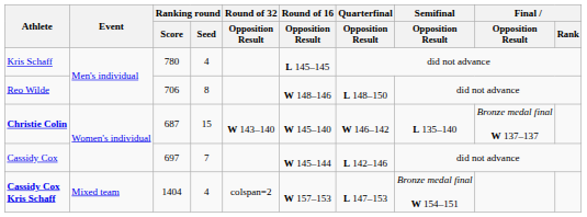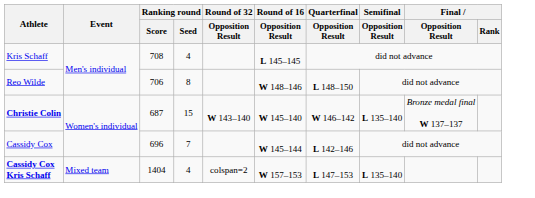 <table class=wikitable style=font-size:90%;text-align:center>
 <tr>
 <th rowspan=2>Athlete</th>
 <th rowspan=2>Event</th>
 <th colspan=2>Ranking round</th>
 <th>Round of 32</th>
 <th>Round of 16</th>
 <th>Quarterfinal</th>
 <th>Semifinal</th>
 <th colspan=2>Final / </th>
 </tr>
 <tr style=font-size:95%>
 <th>Score</th>
 <th>Seed</th>
 <th>Opposition<br>Result</th>
 <th>Opposition<br>Result</th>
 <th>Opposition<br>Result</th>
 <th>Opposition<br>Result</th>
 <th>Opposition<br>Result</th>
 <th>Rank</th>
 </tr>
 <tr>
 <td align=left><a href='#'>Kris Schaff</a></td>
 <td align=left rowspan=2><a href='#'>Men's individual</a></td>
-<td>780</td>
+<td>708</td>
 <td>4</td>
 <td></td>
 <td><br><strong>L</strong> 145–145</td>
 <td colspan=5>did not advance</td>
 </tr>
 <tr>
 <td align=left><a href='#'>Reo Wilde</a></td>
 <td>706</td>
 <td>8</td>
 <td></td>
 <td><br><strong>W</strong> 148–146</td>
 <td><br><strong>L</strong> 148–150</td>
 <td colspan=4>did not advance</td>
 </tr>
 <tr>
 <td align=left><strong><a href='#'>Christie Colin</a></strong></td>
 <td align=left rowspan=2><a href='#'>Women's individual</a></td>
 <td>687</td>
 <td>15</td>
 <td><br><strong>W</strong> 143–140</td>
 <td><br><strong>W</strong> 145–140</td>
 <td><br><strong>W</strong> 146–142</td>
 <td><br><strong>L</strong> 135–140</td>
 <td><em>Bronze medal final</em><br><br><strong>W</strong> 137–137</td>
 <td></td>
 </tr>
 <tr>
 <td align=left><a href='#'>Cassidy Cox</a></td>
-<td>697</td>
+<td>696</td>
 <td>7</td>
 <td></td>
 <td><br><strong>W</strong> 145–144</td>
 <td><br><strong>L</strong> 142–146</td>
 <td colspan=3>did not advance</td>
 </tr>
 <tr>
 <td align=left><strong><a href='#'>Cassidy Cox</a><br><a href='#'>Kris Schaff</a></strong></td>
 <td align=left><a href='#'>Mixed team</a></td>
 <td>1404</td>
 <td>4</td>
 <td>colspan=2 </td>
 <td><br><strong>W</strong> 157–153</td>
 <td><br><strong>L</strong> 147–153</td>
-<td><em>Bronze medal final</em><br><br><strong>W</strong> 154–151</td>
+<td><br><strong>L</strong> 135–140</td>
 <td></td>
 </tr>
 </table>
